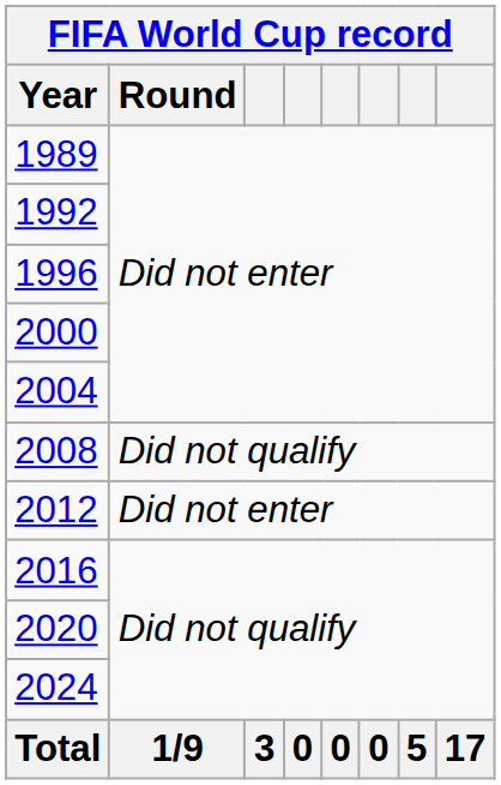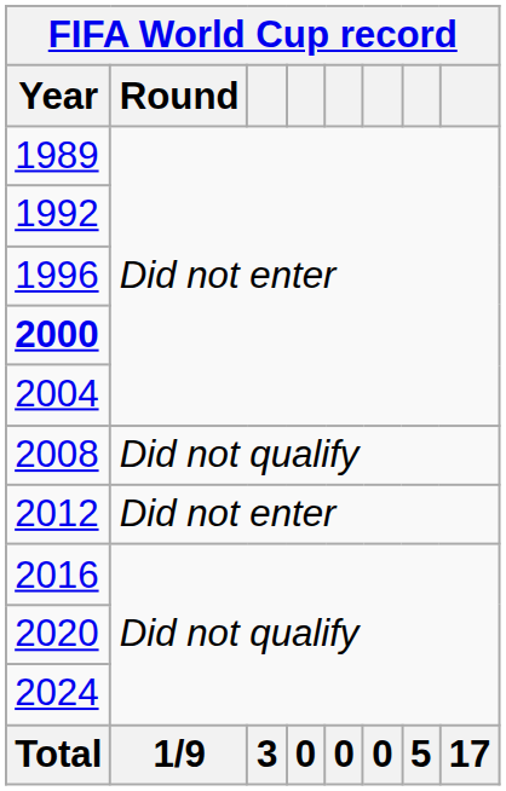 <table class="wikitable">
 <tr>
 <th colspan="8"><a href='#'>FIFA World Cup record</a></th>
 </tr>
 <tr>
 <th>Year</th>
 <th>Round</th>
 <th></th>
 <th></th>
 <th></th>
 <th></th>
 <th></th>
 <th></th>
 </tr>
 <tr>
 <td> <a href='#'>1989</a></td>
 <td colspan="7" rowspan="5"><em>Did not enter</em></td>
 </tr>
 <tr>
 <td> <a href='#'>1992</a></td>
 </tr>
 <tr>
 <td> <a href='#'>1996</a></td>
 </tr>
 <tr>
-<td> <a href='#'>2000</a></td>
+<td><strong> <a href='#'>2000</a></strong></td>
 </tr>
 <tr>
 <td> <a href='#'>2004</a></td>
 </tr>
 <tr>
 <td> <a href='#'>2008</a></td>
 <td colspan="7"><em>Did not qualify</em></td>
 </tr>
 <tr>
 <td> <a href='#'>2012</a></td>
 <td colspan="7"><em>Did not enter</em></td>
 </tr>
 <tr>
 <td> <a href='#'>2016</a></td>
 <td colspan="7" rowspan="3"><em>Did not qualify</em></td>
 </tr>
 <tr>
 <td> <a href='#'>2020</a></td>
 </tr>
 <tr>
 <td> <a href='#'>2024</a></td>
 </tr>
 <tr>
 <th>Total</th>
 <th>1/9</th>
 <th>3</th>
 <th>0</th>
 <th>0</th>
 <th>0</th>
 <th>5</th>
 <th>17</th>
 </tr>
 </table>
